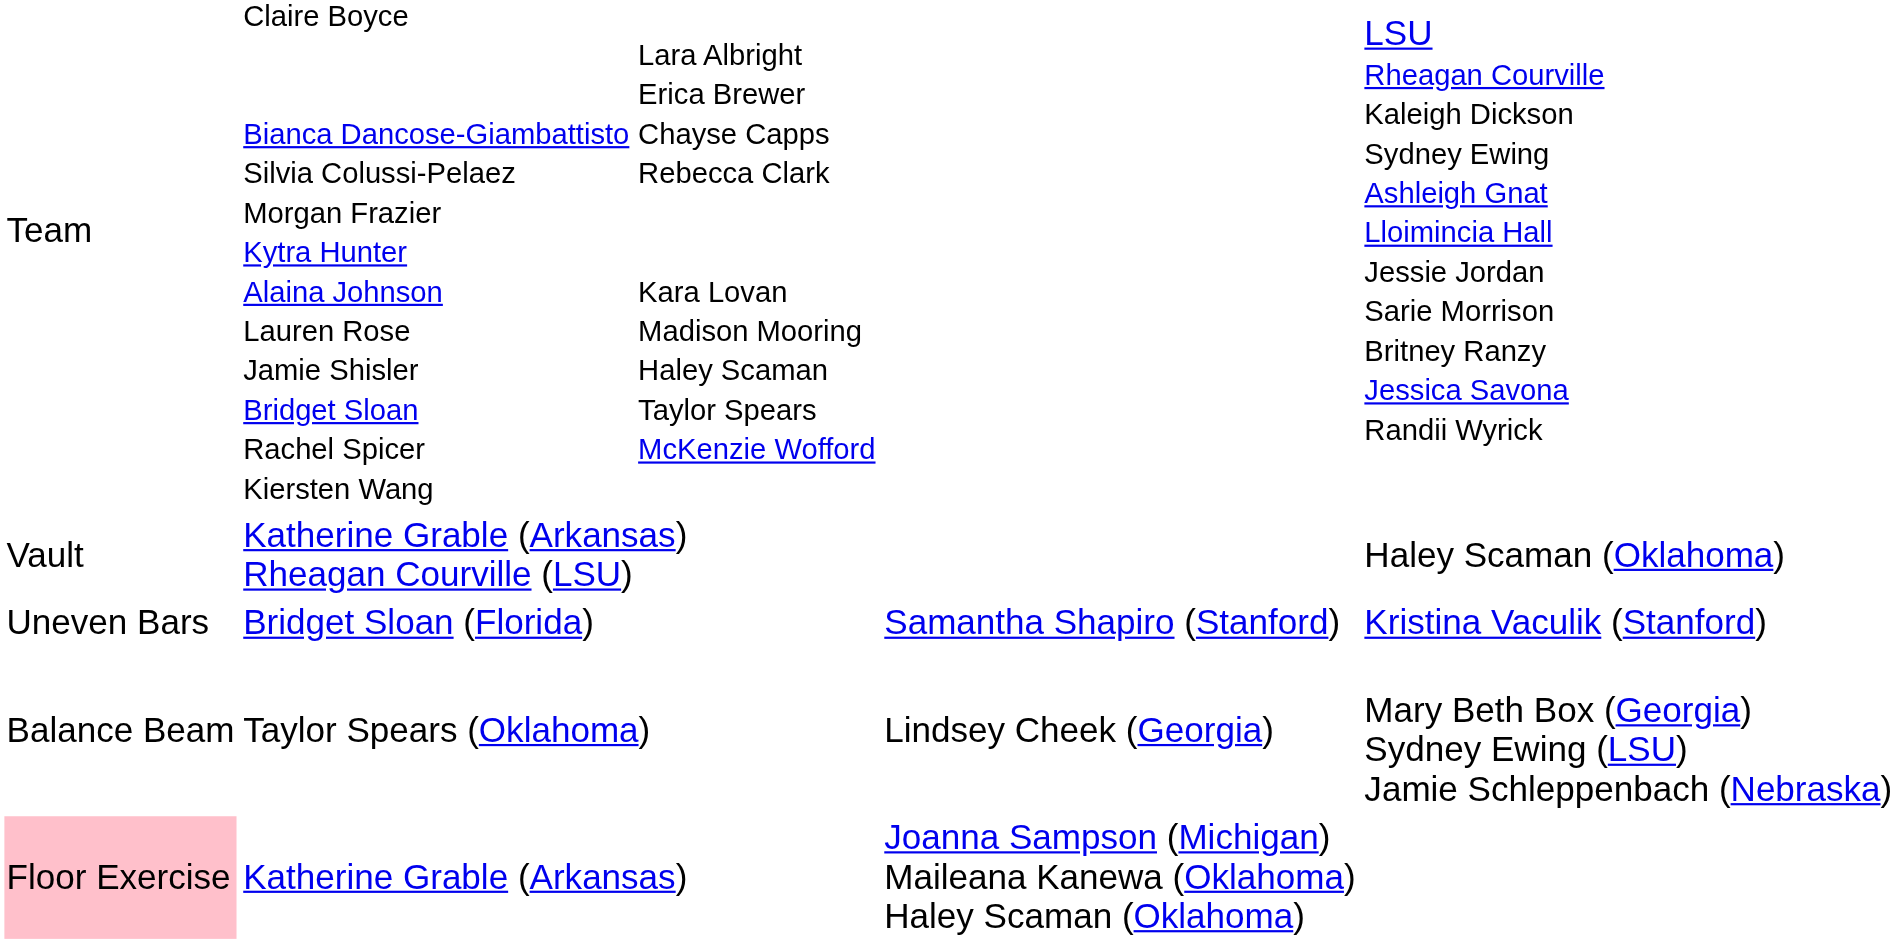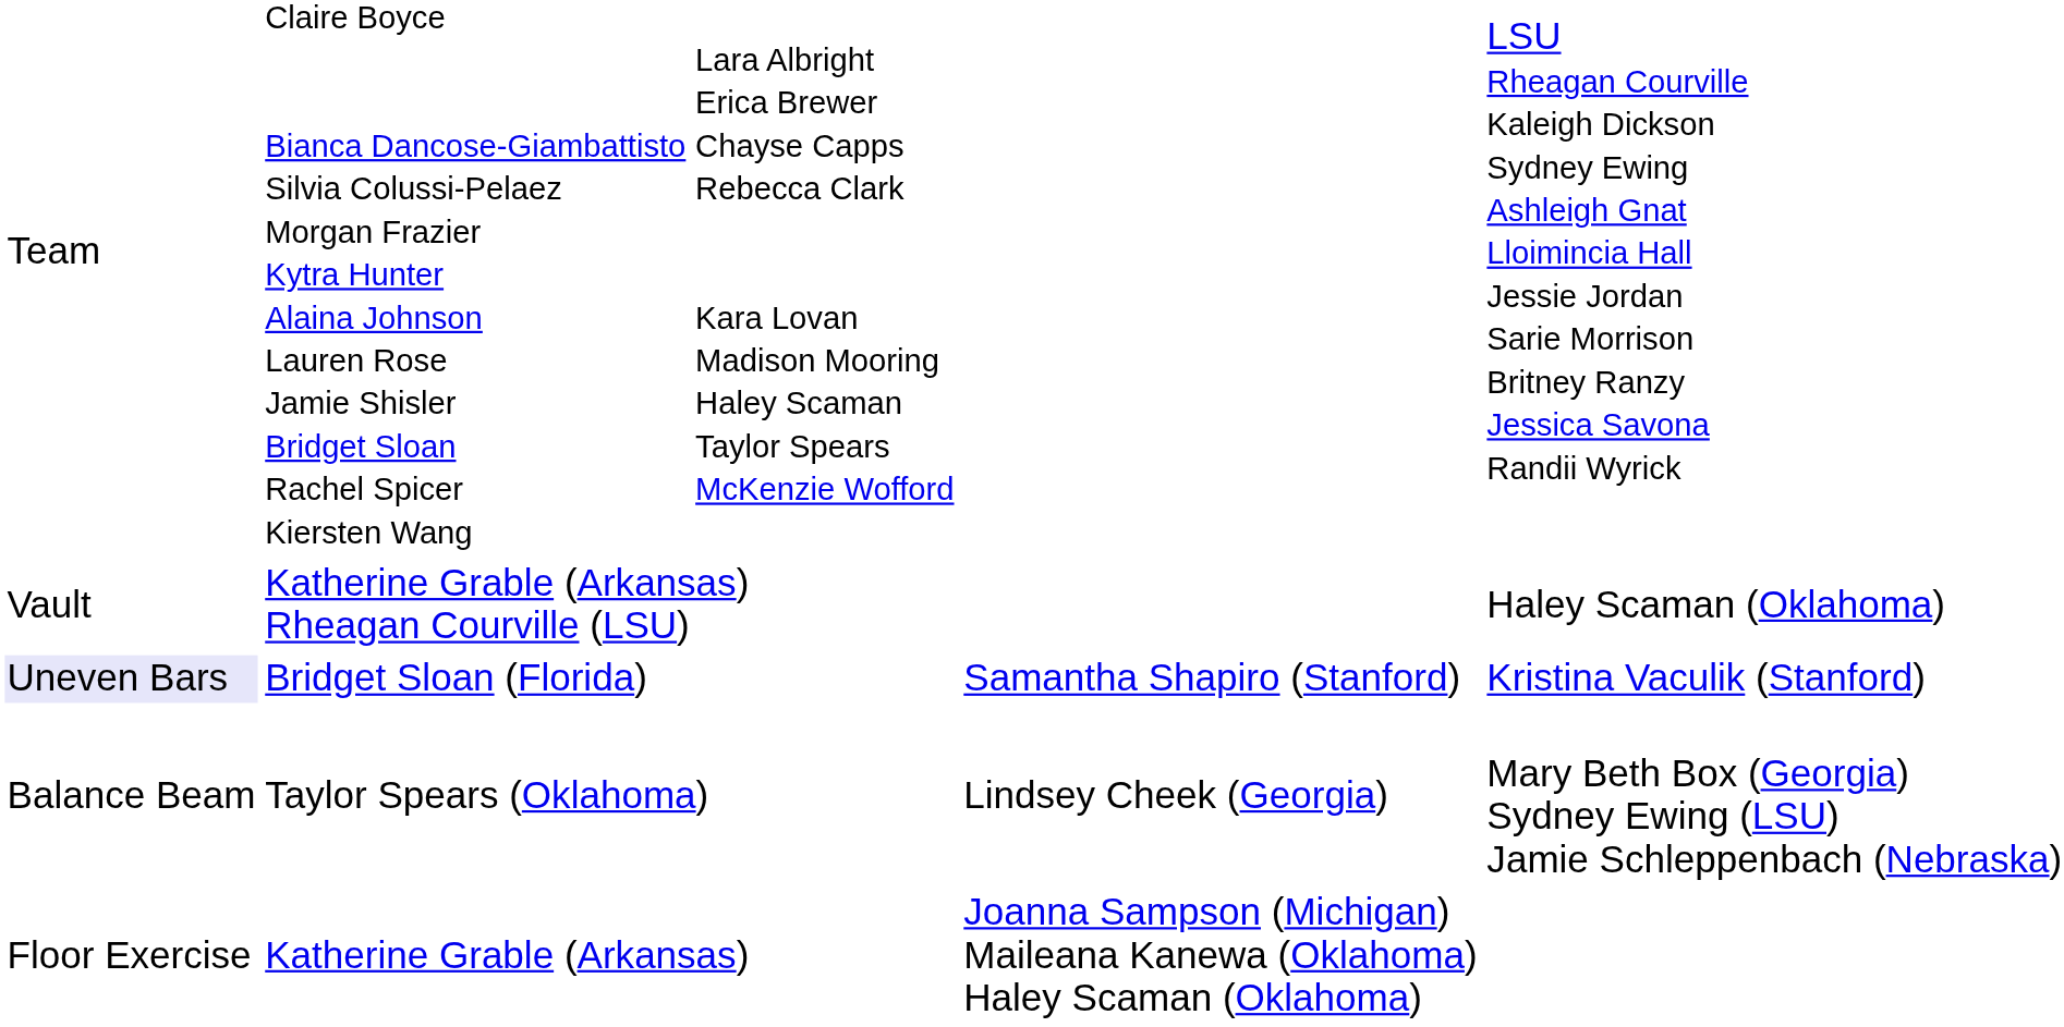 <table>
 <tr>
 <td>Team<br></td>
 <td><br><small>Claire Boyce<br><br><br><a href='#'>Bianca Dancose-Giambattisto</a><br>Silvia Colussi-Pelaez<br>Morgan Frazier<br><a href='#'>Kytra Hunter</a><br><a href='#'>Alaina Johnson</a><br>Lauren Rose<br>Jamie Shisler<br><a href='#'>Bridget Sloan</a><br>Rachel Spicer<br> Kiersten Wang </small></td>
 <td><br><small>Lara Albright<br>Erica Brewer<br>Chayse Capps<br>Rebecca Clark<br><br><br>Kara Lovan<br>Madison Mooring<br>Haley Scaman<br>Taylor Spears<br><a href='#'>McKenzie Wofford</a></small></td>
 <td Colspan=2></td>
 <td Colspan=2><a href='#'>LSU</a><br><small><a href='#'>Rheagan Courville</a><br>Kaleigh Dickson<br>Sydney Ewing<br><a href='#'>Ashleigh Gnat</a><br><a href='#'>Lloimincia Hall</a><br>Jessie Jordan<br>Sarie Morrison<br>Britney Ranzy<br><a href='#'>Jessica Savona</a><br>Randii Wyrick</small></td>
 </tr>
 <tr>
 <td>Vault<br></td>
 <td Colspan=2><a href='#'>Katherine Grable</a> (<a href='#'>Arkansas</a>)<br><a href='#'>Rheagan Courville</a> (<a href='#'>LSU</a>)</td>
 <td Colspan=2></td>
 <td Colspan=2>Haley Scaman (<a href='#'>Oklahoma</a>)</td>
 </tr>
 <tr>
-<td>Uneven Bars<br></td>
+<td style="background: lavender;">Uneven Bars<br></td>
 <td Colspan=2><a href='#'>Bridget Sloan</a> (<a href='#'>Florida</a>)</td>
 <td Colspan=2><a href='#'>Samantha Shapiro</a> (<a href='#'>Stanford</a>)</td>
 <td Colspan=2><a href='#'>Kristina Vaculik</a> (<a href='#'>Stanford</a>)</td>
 </tr>
 <tr>
 <td>Balance Beam<br></td>
 <td Colspan=2>Taylor Spears (<a href='#'>Oklahoma</a>)</td>
 <td Colspan=2>Lindsey Cheek (<a href='#'>Georgia</a>)</td>
 <td Colspan=2><br>Mary Beth Box (<a href='#'>Georgia</a>)<br>Sydney Ewing (<a href='#'>LSU</a>)<br>Jamie Schleppenbach (<a href='#'>Nebraska</a>)</td>
 </tr>
 <tr>
-<td style="background: pink;">Floor Exercise<br></td>
+<td>Floor Exercise<br></td>
 <td Colspan=2><a href='#'>Katherine Grable</a> (<a href='#'>Arkansas</a>)</td>
 <td Colspan=2><a href='#'>Joanna Sampson</a> (<a href='#'>Michigan</a>)<br>Maileana Kanewa (<a href='#'>Oklahoma</a>)<br> Haley Scaman (<a href='#'>Oklahoma</a>)</td>
 <td Colspan=2></td>
 </tr>
 </table>
